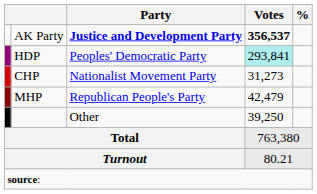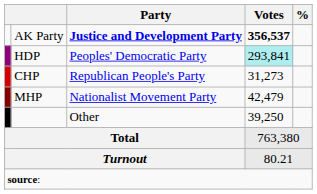 <table class="wikitable">
 <tr>
 <th colspan="2" align="center"></th>
 <th align="center">Party</th>
 <th align="center">Votes</th>
 <th align="center">%</th>
 </tr>
 <tr align="left">
 <td></td>
 <td>AK Party</td>
 <td><strong><a href='#'>Justice and Development Party</a></strong></td>
 <td><strong>356,537</strong></td>
 <td><strong></strong></td>
 </tr>
 <tr align="left">
 <td bgcolor="#91007B" width="1"></td>
 <td>HDP</td>
 <td><a href='#'>Peoples' Democratic Party</a></td>
 <td style="background: paleturquoise;">293,841</td>
 <td></td>
 </tr>
 <tr align="left">
 <td bgcolor="#d50000" width="1"></td>
 <td>CHP</td>
-<td><a href='#'>Nationalist Movement Party</a></td>
+<td><a href='#'>Republican People's Party</a></td>
 <td>31,273</td>
 <td></td>
 </tr>
 <tr align="left">
 <td bgcolor="#870000" width="1"></td>
 <td>MHP</td>
-<td><a href='#'>Republican People's Party</a></td>
+<td><a href='#'>Nationalist Movement Party</a></td>
 <td>42,479</td>
 <td></td>
 </tr>
 <tr align="left">
 <td bgcolor=" " width="1"></td>
 <td></td>
 <td>Other</td>
 <td>39,250</td>
 <td></td>
 </tr>
 <tr align="left" style="background-color:#E9E9E9">
 <th colspan="3" align="center"><strong>Total</strong></th>
 <td colspan="5" align="center">763,380</td>
 </tr>
 <tr align="left" style="background-color:#E9E9E9">
 <th colspan="3" align="center"><em>Turnout</em></th>
 <td colspan="5" align="center">80.21</td>
 </tr>
 <tr>
 <td colspan="9" align="left"><small><strong>source</strong>: </small></td>
 </tr>
 </table>
